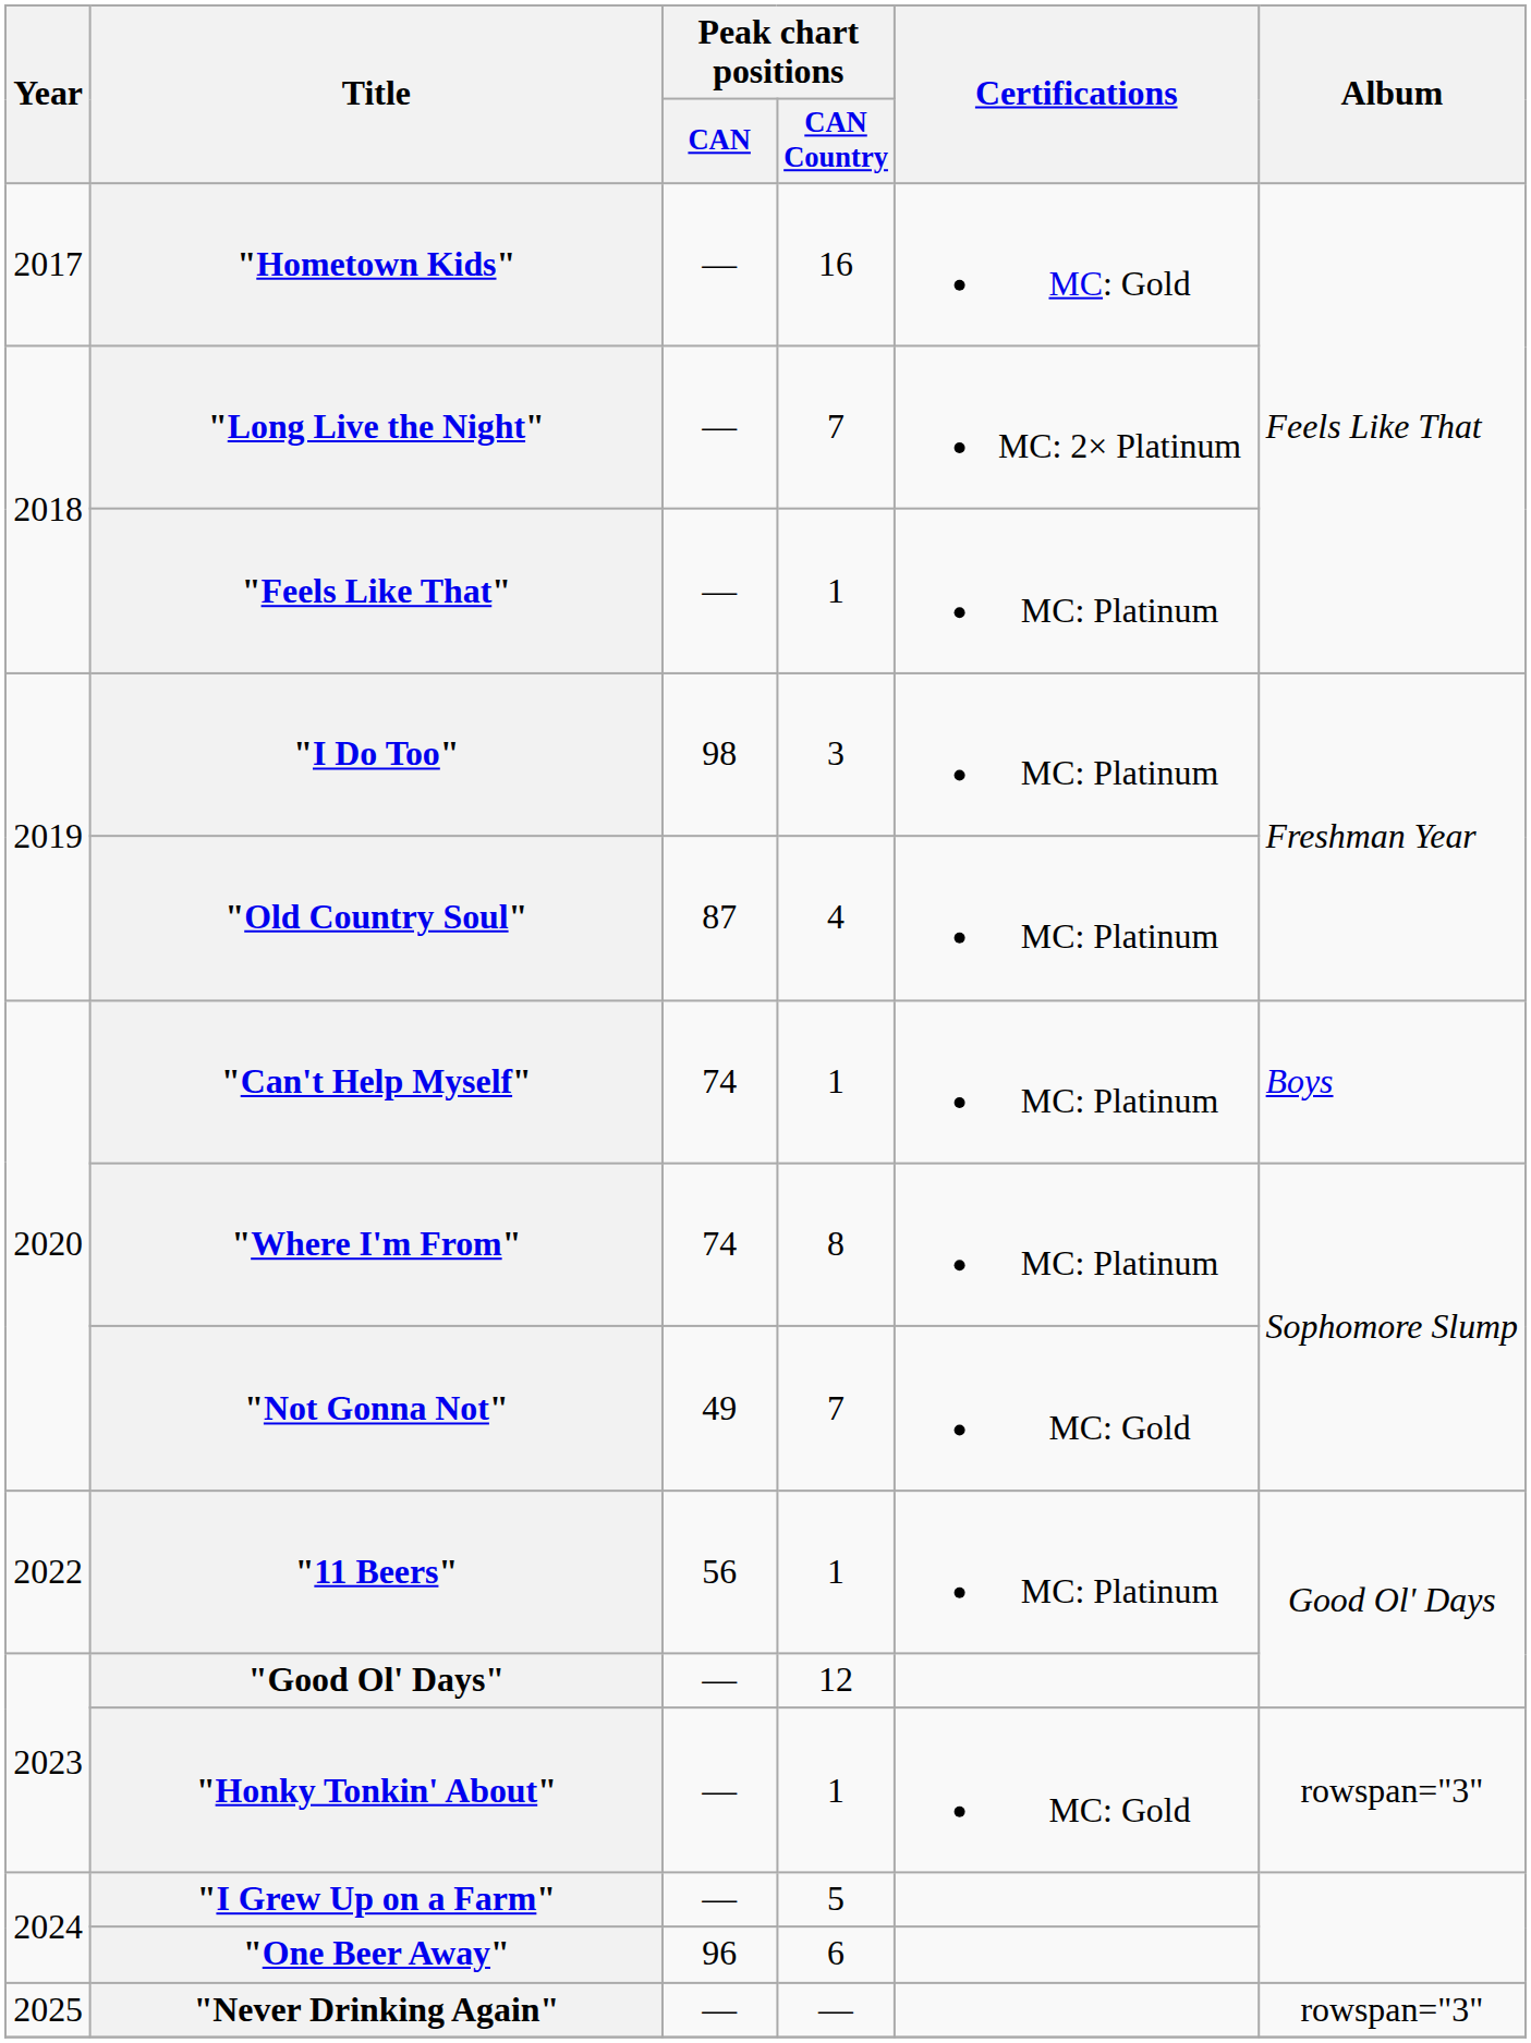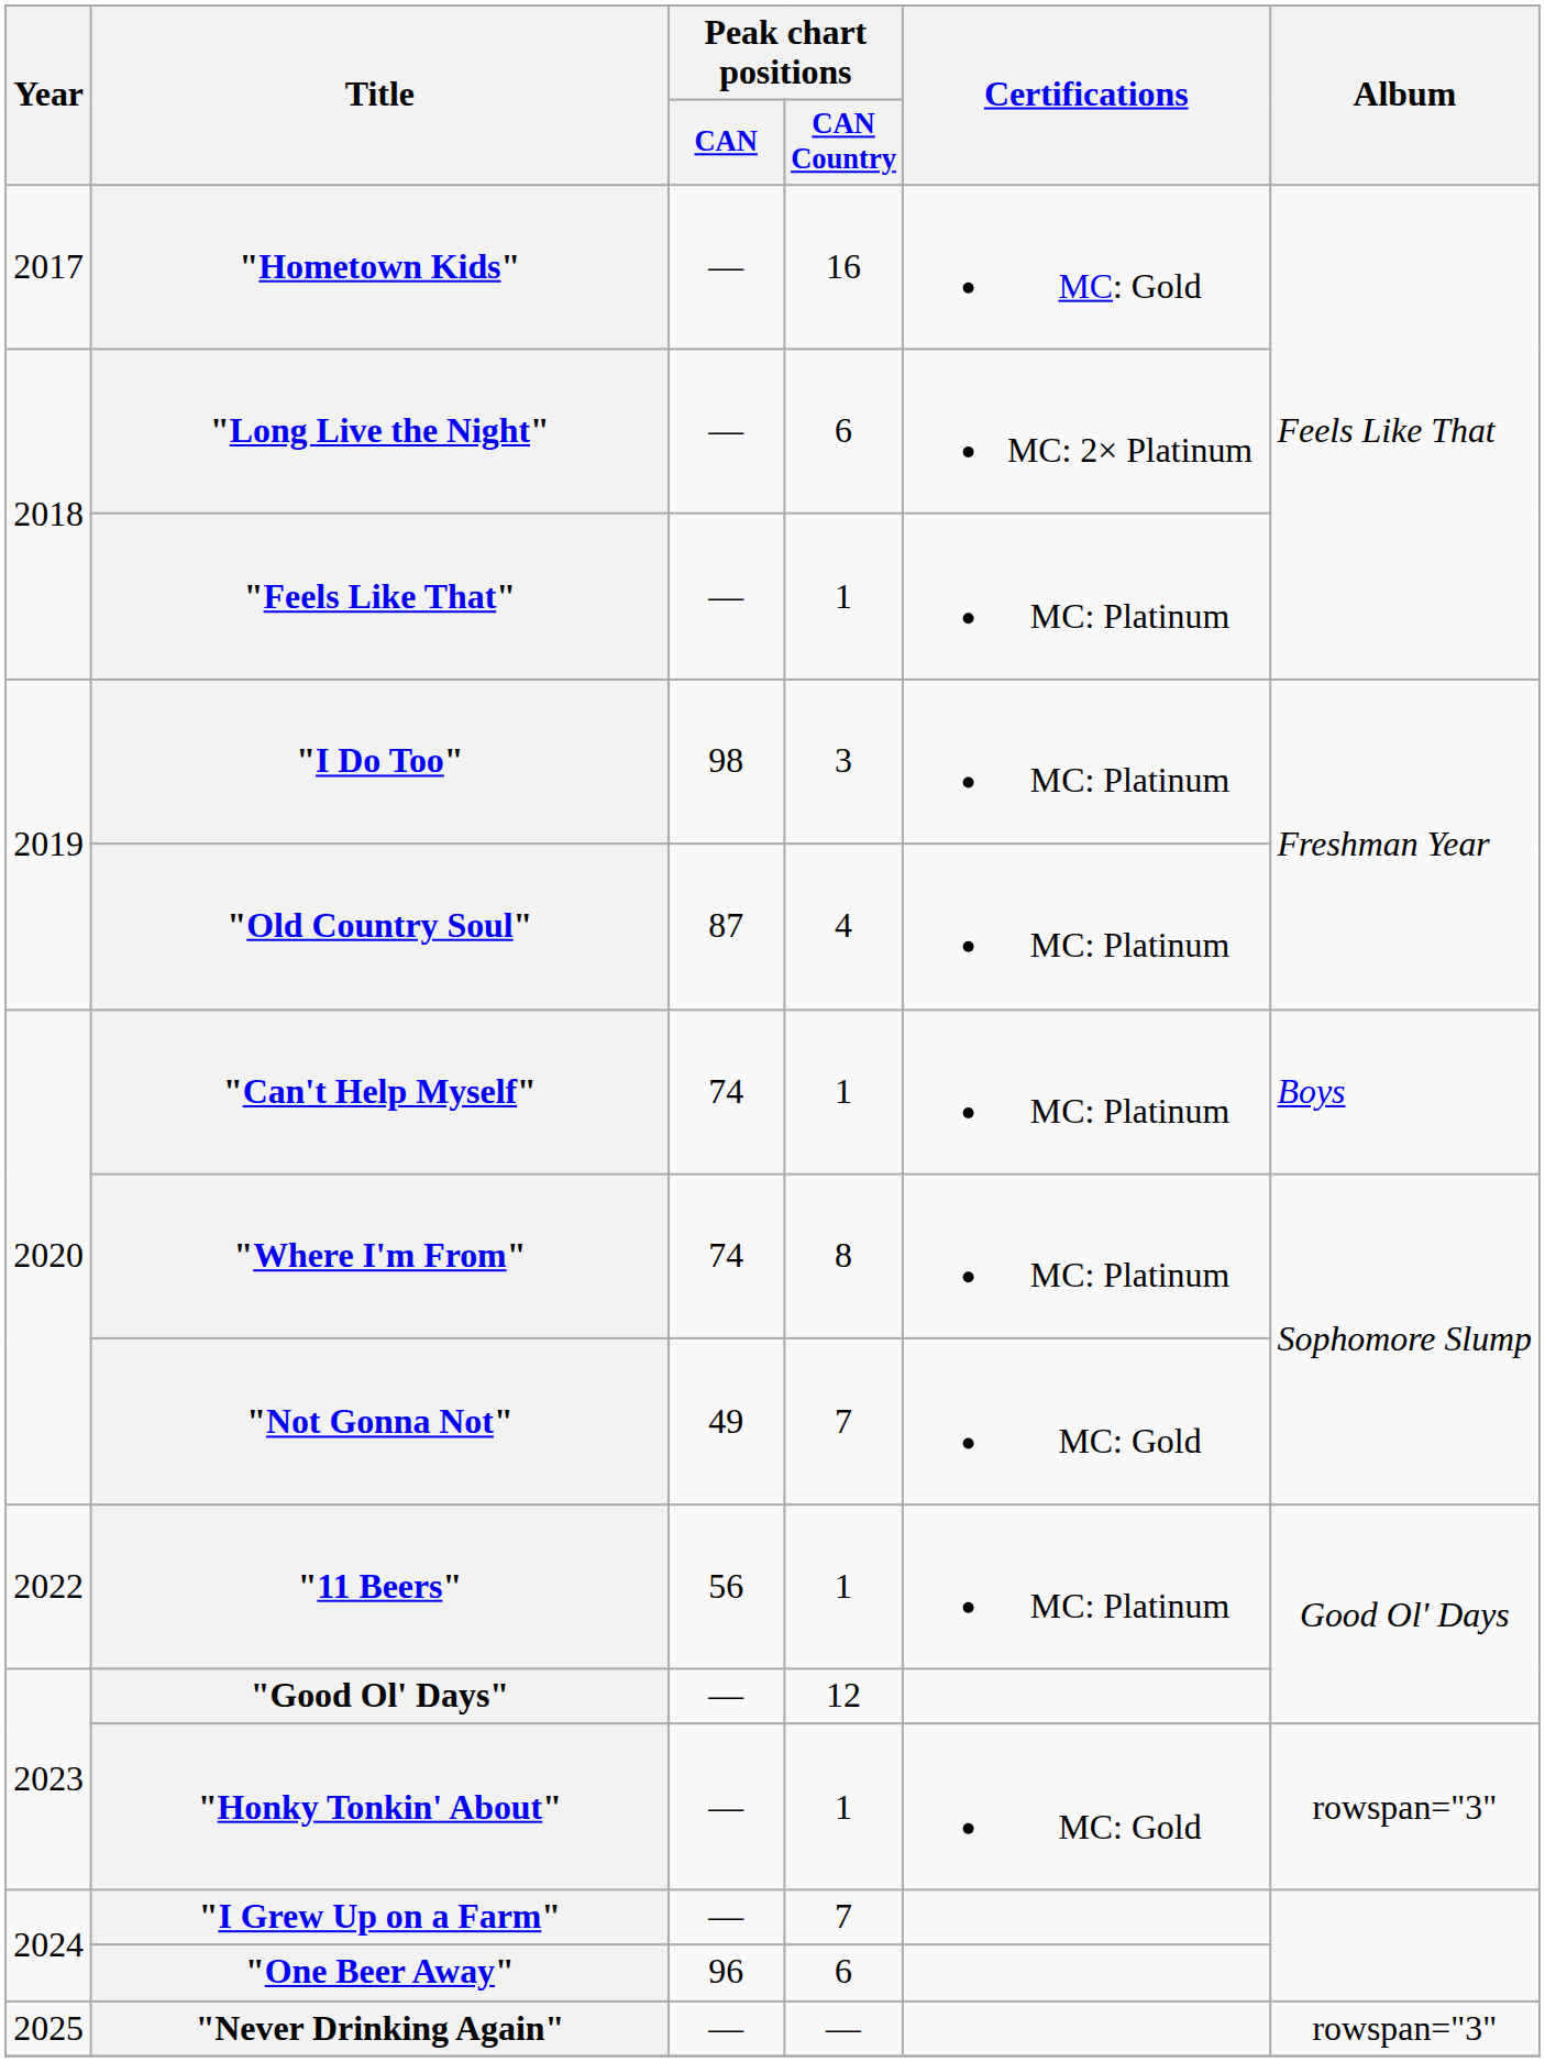 <table class="wikitable plainrowheaders" style="text-align:center;">
 <tr>
 <th scope="col" rowspan="2" style="width:1em;">Year</th>
 <th scope="col" rowspan="2" style="width:16em;">Title</th>
 <th scope="col" colspan="2">Peak chart positions</th>
 <th scope="col" rowspan="2" style="width:10em;"><a href='#'>Certifications</a></th>
 <th scope="col" rowspan="2">Album</th>
 </tr>
 <tr style="font-size:smaller;">
 <th scope="col" style="width:3.5em;"><a href='#'>CAN</a><br></th>
 <th scope="col" style="width:3.5em;"><a href='#'>CAN Country</a><br></th>
 </tr>
 <tr>
 <td>2017</td>
 <th scope="row">"<a href='#'>Hometown Kids</a>"</th>
 <td>—</td>
 <td>16</td>
 <td><br><ul><li><a href='#'>MC</a>: Gold</li></ul></td>
 <td align="left" rowspan="3"><em>Feels Like That</em></td>
 </tr>
 <tr>
 <td rowspan="2">2018</td>
 <th scope="row">"<a href='#'>Long Live the Night</a>"</th>
 <td>—</td>
-<td>7</td>
+<td>6</td>
 <td><br><ul><li>MC: 2× Platinum</li></ul></td>
 </tr>
 <tr>
 <th scope="row">"<a href='#'>Feels Like That</a>"</th>
 <td>—</td>
 <td>1</td>
 <td><br><ul><li>MC: Platinum</li></ul></td>
 </tr>
 <tr>
 <td rowspan="2">2019</td>
 <th scope="row">"<a href='#'>I Do Too</a>"</th>
 <td>98</td>
 <td>3</td>
 <td><br><ul><li>MC: Platinum</li></ul></td>
 <td align="left" rowspan="2"><em>Freshman Year</em></td>
 </tr>
 <tr>
 <th scope="row">"<a href='#'>Old Country Soul</a>"</th>
 <td>87</td>
 <td>4</td>
 <td><br><ul><li>MC: Platinum</li></ul></td>
 </tr>
 <tr>
 <td rowspan="3">2020</td>
 <th scope="row">"<a href='#'>Can't Help Myself</a>"<br></th>
 <td>74</td>
 <td>1</td>
 <td><br><ul><li>MC: Platinum</li></ul></td>
 <td align="left"><em><a href='#'>Boys</a></em></td>
 </tr>
 <tr>
 <th scope="row">"<a href='#'>Where I'm From</a>"</th>
 <td>74</td>
 <td>8</td>
 <td><br><ul><li>MC: Platinum</li></ul></td>
 <td rowspan="2"><em>Sophomore Slump</em></td>
 </tr>
 <tr>
 <th scope="row">"<a href='#'>Not Gonna Not</a>"</th>
 <td>49</td>
 <td>7</td>
 <td><br><ul><li>MC: Gold</li></ul></td>
 </tr>
 <tr>
 <td>2022</td>
 <th scope="row">"<a href='#'>11 Beers</a>"<br></th>
 <td>56</td>
 <td>1</td>
 <td><br><ul><li>MC: Platinum</li></ul></td>
 <td rowspan="2"><em>Good Ol' Days</em></td>
 </tr>
 <tr>
 <td rowspan="2">2023</td>
 <th scope="row">"Good Ol' Days"</th>
 <td>—</td>
 <td>12</td>
 <td></td>
 </tr>
 <tr>
 <th scope="row">"<a href='#'>Honky Tonkin' About</a>"<br></th>
 <td>—</td>
 <td>1</td>
 <td><br><ul><li>MC: Gold</li></ul></td>
 <td>rowspan="3" </td>
 </tr>
 <tr>
 <td rowspan="2">2024</td>
 <th scope="row">"<a href='#'>I Grew Up on a Farm</a>"</th>
 <td>—</td>
-<td>5</td>
+<td>7</td>
 <td></td>
 </tr>
 <tr>
 <th scope="row">"<a href='#'>One Beer Away</a>"</th>
 <td>96</td>
 <td>6</td>
 <td></td>
 </tr>
 <tr>
 <td>2025</td>
 <th scope="row">"Never Drinking Again"</th>
 <td>—</td>
 <td>—</td>
 <td></td>
 <td>rowspan="3" </td>
 </tr>
 <tr>
 </tr>
 </table>
